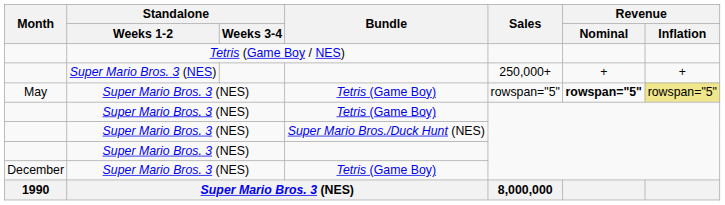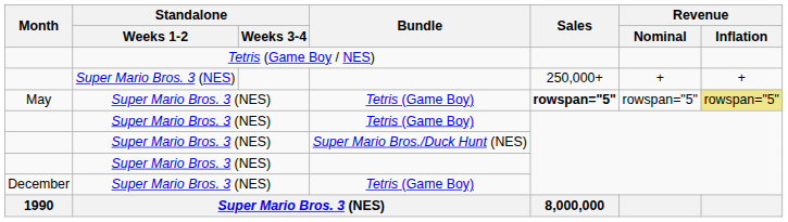 <table class="wikitable sortable" style="text-align:center">
 <tr>
 <th rowspan="2">Month</th>
 <th colspan="2">Standalone</th>
 <th rowspan="2">Bundle</th>
 <th rowspan="2">Sales</th>
 <th colspan="2">Revenue</th>
 </tr>
 <tr>
 <th>Weeks 1-2</th>
 <th>Weeks 3-4</th>
 <th>Nominal</th>
 <th>Inflation</th>
 </tr>
 <tr>
 <td></td>
 <td colspan="3"><em><a href='#'>Tetris</a></em> (<a href='#'>Game Boy</a> / <a href='#'>NES</a>)</td>
 <td></td>
 <td></td>
 <td></td>
 </tr>
 <tr>
 <td></td>
 <td><em><a href='#'>Super Mario Bros. 3</a></em> (<a href='#'>NES</a>)</td>
 <td></td>
 <td></td>
 <td>250,000+</td>
 <td>+</td>
 <td>+</td>
 </tr>
 <tr>
 <td>May</td>
 <td colspan="2"><em><a href='#'>Super Mario Bros. 3</a></em> (NES)</td>
 <td><a href='#'><em>Tetris</em> (Game Boy)</a></td>
+<td><strong>rowspan="5" </strong></td>
 <td>rowspan="5" </td>
-<td><strong>rowspan="5" </strong></td>
 <td style="background: khaki;">rowspan="5" </td>
 </tr>
 <tr>
 <td></td>
 <td colspan="2"><em><a href='#'>Super Mario Bros. 3</a></em> (NES)</td>
 <td><a href='#'><em>Tetris</em> (Game Boy)</a></td>
 </tr>
 <tr>
 <td></td>
 <td colspan="2"><em><a href='#'>Super Mario Bros. 3</a></em> (NES)</td>
 <td><em><a href='#'>Super Mario Bros./Duck Hunt</a></em> (NES)</td>
 </tr>
 <tr>
 <td></td>
 <td colspan="2"><em><a href='#'>Super Mario Bros. 3</a></em> (NES)</td>
 <td></td>
 </tr>
 <tr>
 <td>December</td>
 <td colspan="2"><em><a href='#'>Super Mario Bros. 3</a></em> (NES)</td>
 <td><a href='#'><em>Tetris</em> (Game Boy)</a></td>
 </tr>
 <tr>
 <th>1990</th>
 <th colspan="3"><em><a href='#'>Super Mario Bros. 3</a></em> (NES)</th>
 <th>8,000,000</th>
 <th></th>
 <th></th>
 </tr>
 </table>
